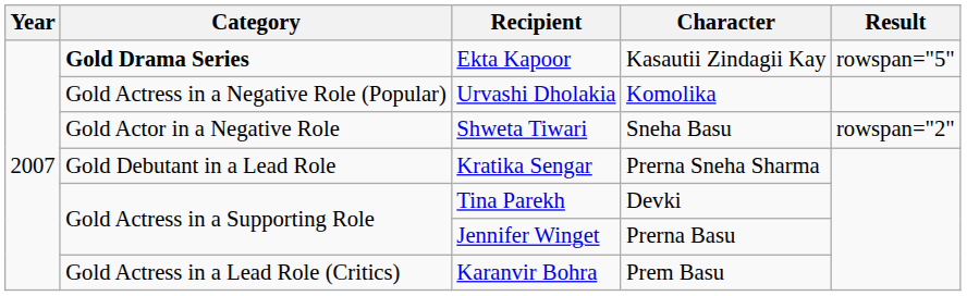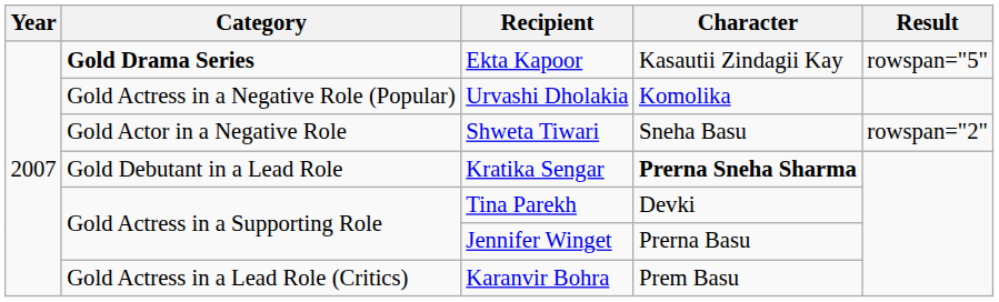 <table class="wikitable sortable">
 <tr>
 <th>Year</th>
 <th>Category</th>
 <th>Recipient</th>
 <th>Character</th>
 <th>Result</th>
 </tr>
 <tr>
 <td rowspan="7">2007</td>
 <td><strong>Gold Drama Series</strong></td>
 <td><a href='#'>Ekta Kapoor</a></td>
 <td>Kasautii Zindagii Kay</td>
 <td>rowspan="5" </td>
 </tr>
 <tr>
 <td>Gold Actress in a Negative Role (Popular)</td>
 <td><a href='#'>Urvashi Dholakia</a></td>
 <td><a href='#'>Komolika</a></td>
 </tr>
 <tr>
 <td>Gold Actor in a Negative Role</td>
 <td><a href='#'>Shweta Tiwari</a></td>
 <td>Sneha Basu</td>
 <td>rowspan="2" </td>
 </tr>
 <tr>
 <td>Gold Debutant in a Lead Role</td>
 <td><a href='#'>Kratika Sengar</a></td>
-<td>Prerna Sneha Sharma</td>
+<td><strong>Prerna Sneha Sharma</strong></td>
 </tr>
 <tr>
 <td rowspan="2">Gold Actress in a Supporting Role</td>
 <td><a href='#'>Tina Parekh</a></td>
 <td>Devki</td>
 </tr>
 <tr>
 <td><a href='#'>Jennifer Winget</a></td>
 <td>Prerna Basu</td>
 </tr>
 <tr>
 <td>Gold Actress in a Lead Role (Critics)</td>
 <td><a href='#'>Karanvir Bohra</a></td>
 <td>Prem Basu</td>
 </tr>
 </table>
